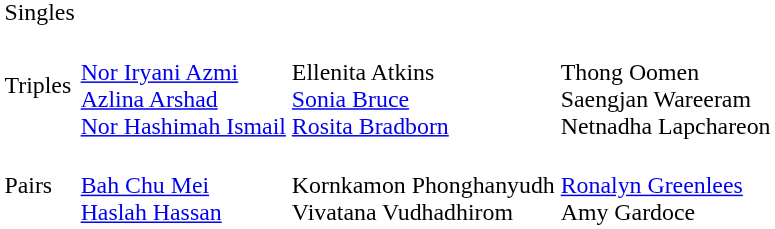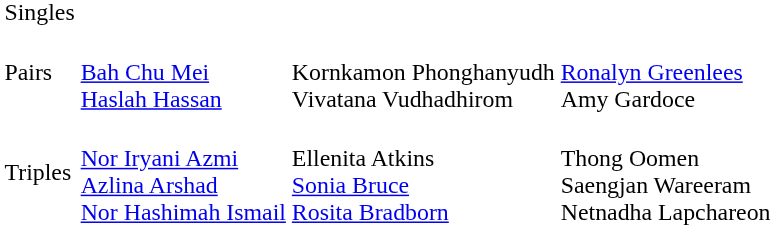 <table>
 <tr>
 <td>Singles</td>
 <td></td>
 <td></td>
 <td></td>
 </tr>
 <tr>
+<td>Pairs</td>
+<td> <br><a href='#'>Bah Chu Mei</a><br> <a href='#'>Haslah Hassan</a></td>
+<td nowrap> <br> Kornkamon Phonghanyudh <br> Vivatana Vudhadhirom</td>
+<td> <br> <a href='#'>Ronalyn Greenlees</a> <br> Amy Gardoce</td>
+</tr>
+<tr>
 <td>Triples</td>
 <td nowrap> <br> <a href='#'>Nor Iryani Azmi</a> <br> <a href='#'>Azlina Arshad</a> <br> <a href='#'>Nor Hashimah Ismail</a></td>
 <td> <br> Ellenita Atkins <br> <a href='#'>Sonia Bruce</a> <br> <a href='#'>Rosita Bradborn</a></td>
 <td nowrap> <br> Thong Oomen <br> Saengjan Wareeram <br> Netnadha Lapchareon</td>
 </tr>
-<tr>
-<td>Pairs</td>
-<td> <br><a href='#'>Bah Chu Mei</a><br> <a href='#'>Haslah Hassan</a></td>
-<td nowrap> <br> Kornkamon Phonghanyudh <br> Vivatana Vudhadhirom</td>
-<td> <br> <a href='#'>Ronalyn Greenlees</a> <br> Amy Gardoce</td>
-</tr>
 </table>
